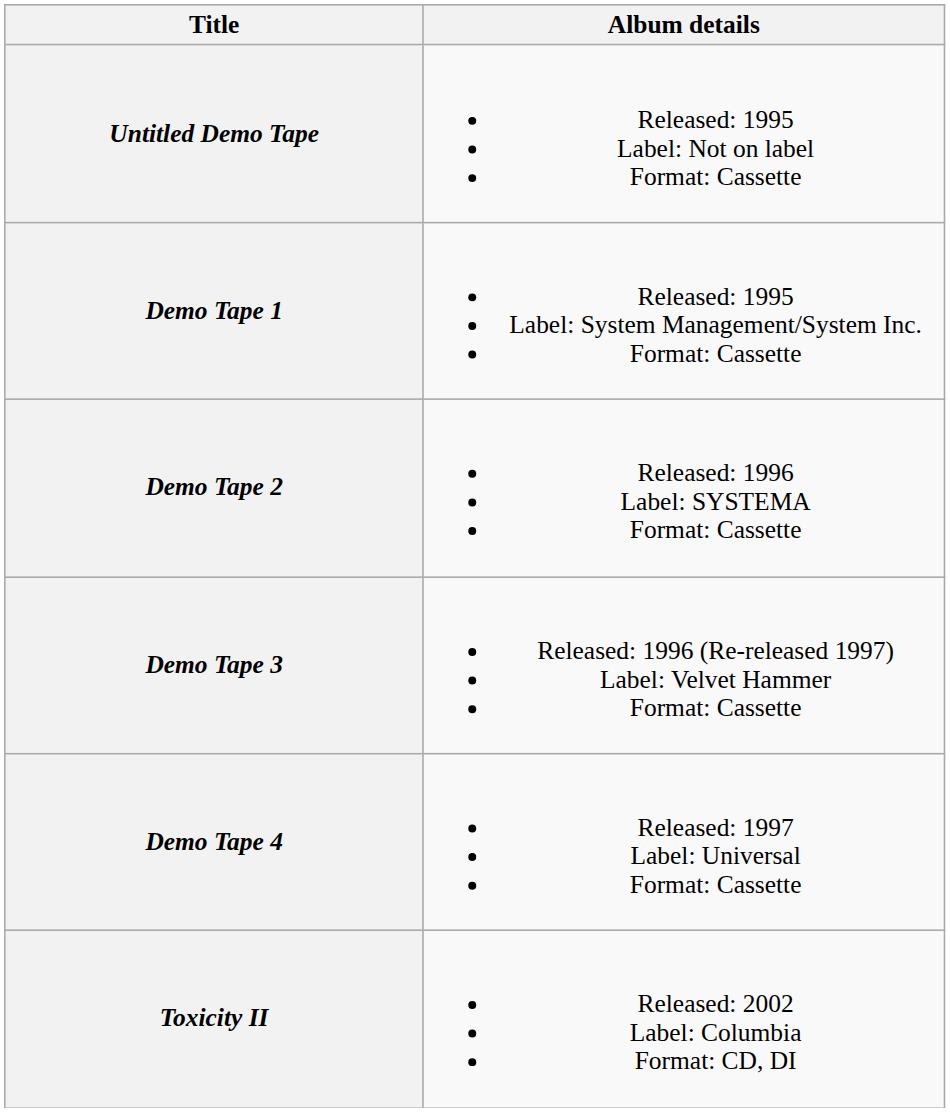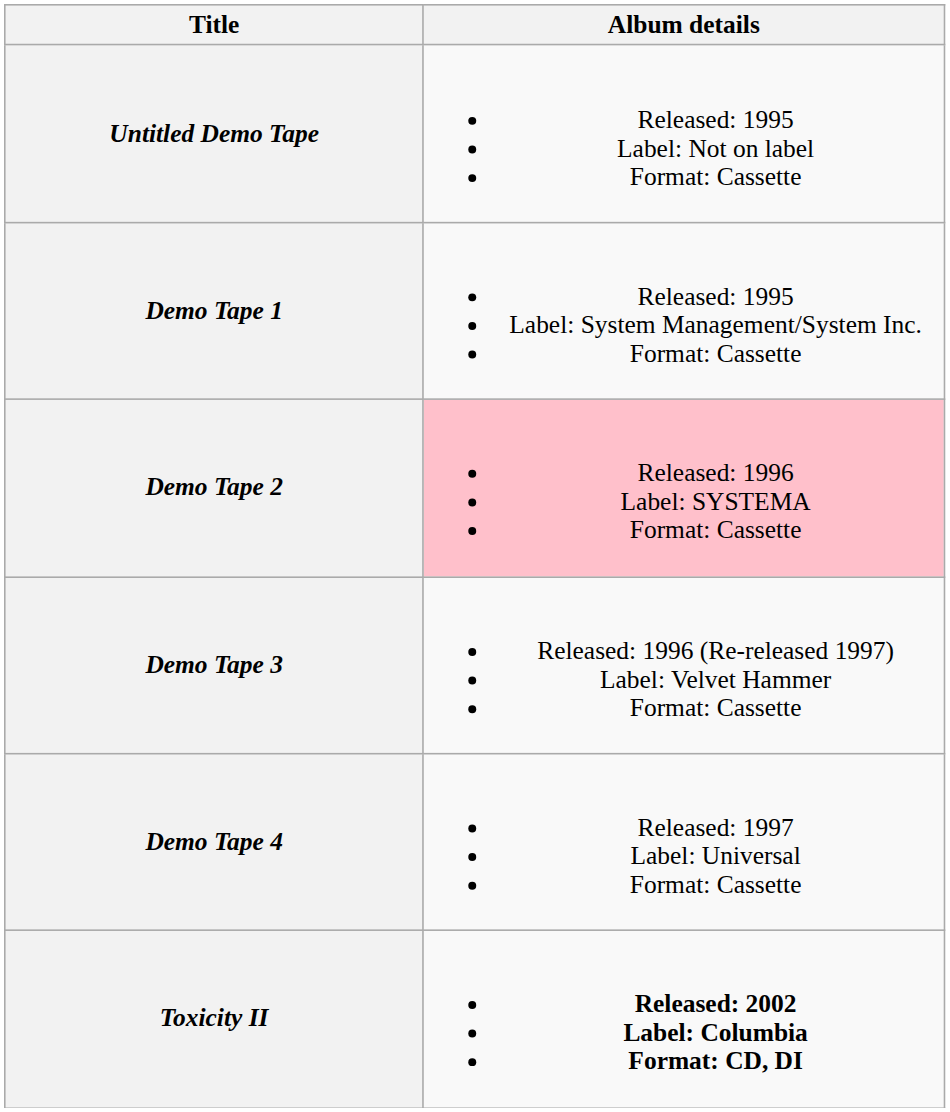 <table class="wikitable plainrowheaders" style="text-align:center;">
 <tr>
 <th scope="col" style="width:16em;">Title</th>
 <th scope="col" style="width:20em;">Album details</th>
 </tr>
 <tr>
 <th scope="row"><em>Untitled Demo Tape</em></th>
 <td><br><ul><li>Released: 1995</li><li>Label: Not on label</li><li>Format: Cassette</li></ul></td>
 </tr>
 <tr>
 <th scope="row"><em>Demo Tape 1</em></th>
 <td><br><ul><li>Released: 1995</li><li>Label: System Management/System Inc.</li><li>Format: Cassette</li></ul></td>
 </tr>
 <tr>
 <th scope="row"><em>Demo Tape 2</em></th>
-<td><br><ul><li>Released: 1996</li><li>Label: SYSTEMA</li><li>Format: Cassette</li></ul></td>
+<td style="background: pink;"><br><ul><li>Released: 1996</li><li>Label: SYSTEMA</li><li>Format: Cassette</li></ul></td>
 </tr>
 <tr>
 <th scope="row"><em>Demo Tape 3</em></th>
 <td><br><ul><li>Released: 1996 (Re-released 1997)</li><li>Label: Velvet Hammer</li><li>Format: Cassette</li></ul></td>
 </tr>
 <tr>
 <th scope="row"><em>Demo Tape 4</em></th>
 <td><br><ul><li>Released: 1997</li><li>Label: Universal</li><li>Format: Cassette</li></ul></td>
 </tr>
 <tr>
 <th scope="row"><em>Toxicity II</em></th>
-<td><br><ul><li>Released: 2002</li><li>Label: Columbia</li><li>Format: CD, DI</li></ul></td>
+<td><strong><br><ul><li>Released: 2002</li><li>Label: Columbia</li><li>Format: CD, DI</li></ul></strong></td>
 </tr>
 </table>
